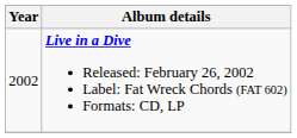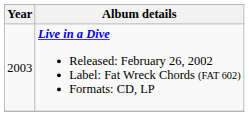 <table class="wikitable">
 <tr>
 <th rowspan="1">Year</th>
 <th rowspan="1">Album details</th>
 </tr>
 <tr>
-<td>2002</td>
+<td>2003</td>
 <td><strong><em><a href='#'>Live in a Dive</a></em></strong><br><ul><li>Released: February 26, 2002</li><li>Label: Fat Wreck Chords <small>(FAT 602)</small></li><li>Formats: CD, LP</li></ul></td>
 </tr>
 <tr>
 </tr>
 </table>
